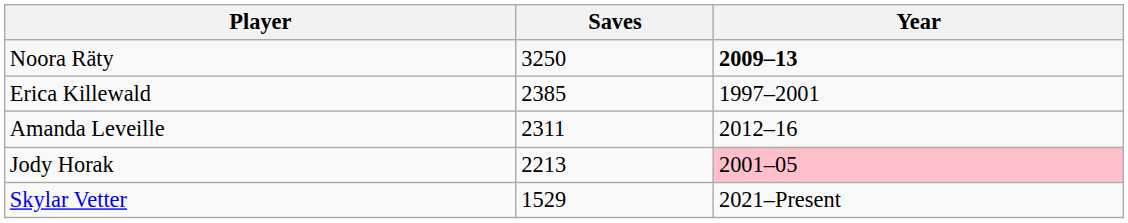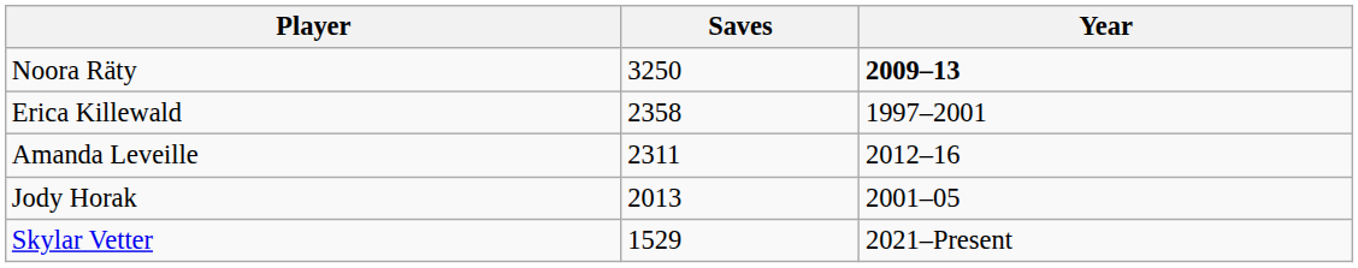 <table class="wikitable" style="width: 50em">
 <tr>
 <th>Player</th>
 <th>Saves</th>
 <th>Year</th>
 </tr>
 <tr>
 <td>Noora Räty</td>
 <td>3250</td>
 <td><strong>2009–13</strong></td>
 </tr>
 <tr>
 <td>Erica Killewald</td>
-<td>2385</td>
+<td>2358</td>
 <td>1997–2001</td>
 </tr>
 <tr>
 <td>Amanda Leveille</td>
 <td>2311</td>
 <td>2012–16</td>
 </tr>
 <tr>
 <td>Jody Horak</td>
-<td>2213</td>
-<td style="background: pink;">2001–05</td>
+<td>2013</td>
+<td>2001–05</td>
 </tr>
 <tr>
 <td><a href='#'>Skylar Vetter</a></td>
 <td>1529</td>
 <td>2021–Present</td>
 </tr>
 </table>
